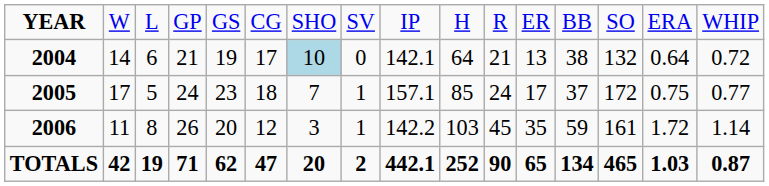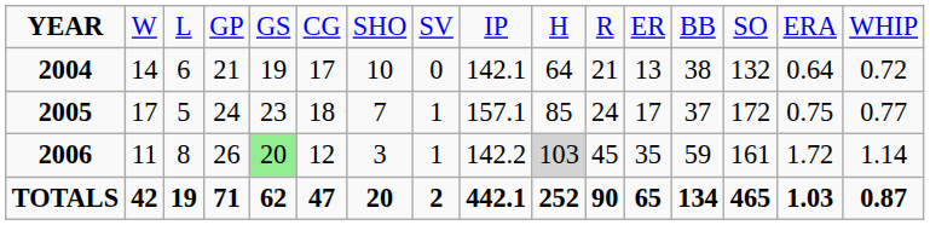 <table class="wikitable" style="text-align:center;">
 <tr>
 <td><strong>YEAR</strong></td>
 <td><a href='#'>W</a></td>
 <td><a href='#'>L</a></td>
 <td><a href='#'>GP</a></td>
 <td><a href='#'>GS</a></td>
 <td><a href='#'>CG</a></td>
 <td><a href='#'>SHO</a></td>
 <td><a href='#'>SV</a></td>
 <td><a href='#'>IP</a></td>
 <td><a href='#'>H</a></td>
 <td><a href='#'>R</a></td>
 <td><a href='#'>ER</a></td>
 <td><a href='#'>BB</a></td>
 <td><a href='#'>SO</a></td>
 <td><a href='#'>ERA</a></td>
 <td><a href='#'>WHIP</a></td>
 </tr>
 <tr>
 <td><strong>2004</strong></td>
 <td>14</td>
 <td>6</td>
 <td>21</td>
 <td>19</td>
 <td>17</td>
-<td style="background: lightblue;">10</td>
+<td>10</td>
 <td>0</td>
 <td>142.1</td>
 <td>64</td>
 <td>21</td>
 <td>13</td>
 <td>38</td>
 <td>132</td>
 <td>0.64</td>
 <td>0.72</td>
 </tr>
 <tr>
 <td><strong>2005</strong></td>
 <td>17</td>
 <td>5</td>
 <td>24</td>
 <td>23</td>
 <td>18</td>
 <td>7</td>
 <td>1</td>
 <td>157.1</td>
 <td>85</td>
 <td>24</td>
 <td>17</td>
 <td>37</td>
 <td>172</td>
 <td>0.75</td>
 <td>0.77</td>
 </tr>
 <tr>
 <td><strong>2006</strong></td>
 <td>11</td>
 <td>8</td>
 <td>26</td>
-<td>20</td>
+<td style="background: lightgreen;">20</td>
 <td>12</td>
 <td>3</td>
 <td>1</td>
 <td>142.2</td>
-<td>103</td>
+<td style="background: lightgrey;">103</td>
 <td>45</td>
 <td>35</td>
 <td>59</td>
 <td>161</td>
 <td>1.72</td>
 <td>1.14</td>
 </tr>
 <tr>
 <td><strong>TOTALS</strong></td>
 <td><strong>42</strong></td>
 <td><strong>19</strong></td>
 <td><strong>71</strong></td>
 <td><strong>62</strong></td>
 <td><strong>47</strong></td>
 <td><strong>20</strong></td>
 <td><strong>2</strong></td>
 <td><strong>442.1</strong></td>
 <td><strong>252</strong></td>
 <td><strong>90</strong></td>
 <td><strong>65</strong></td>
 <td><strong>134</strong></td>
 <td><strong>465</strong></td>
 <td><strong>1.03</strong></td>
 <td><strong>0.87</strong></td>
 </tr>
 </table>
